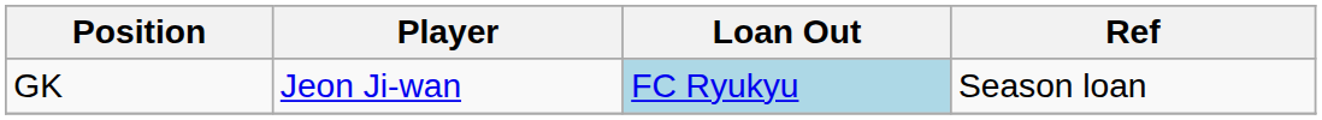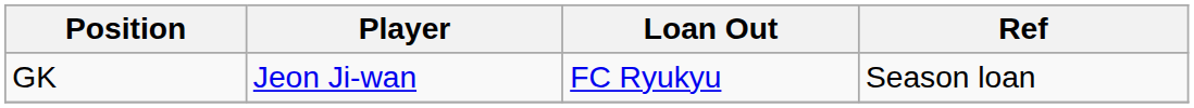 <table class="wikitable sortable" style="width:70%; text-align:center; font-size:100%; text-align:left;">
 <tr>
 <th>Position</th>
 <th>Player</th>
 <th>Loan Out</th>
 <th>Ref</th>
 </tr>
 <tr>
 <td>GK</td>
 <td> <a href='#'>Jeon Ji-wan</a></td>
-<td style="background: lightblue;"> <a href='#'>FC Ryukyu</a></td>
+<td> <a href='#'>FC Ryukyu</a></td>
 <td>Season loan</td>
 </tr>
 <tr>
 </tr>
 </table>
